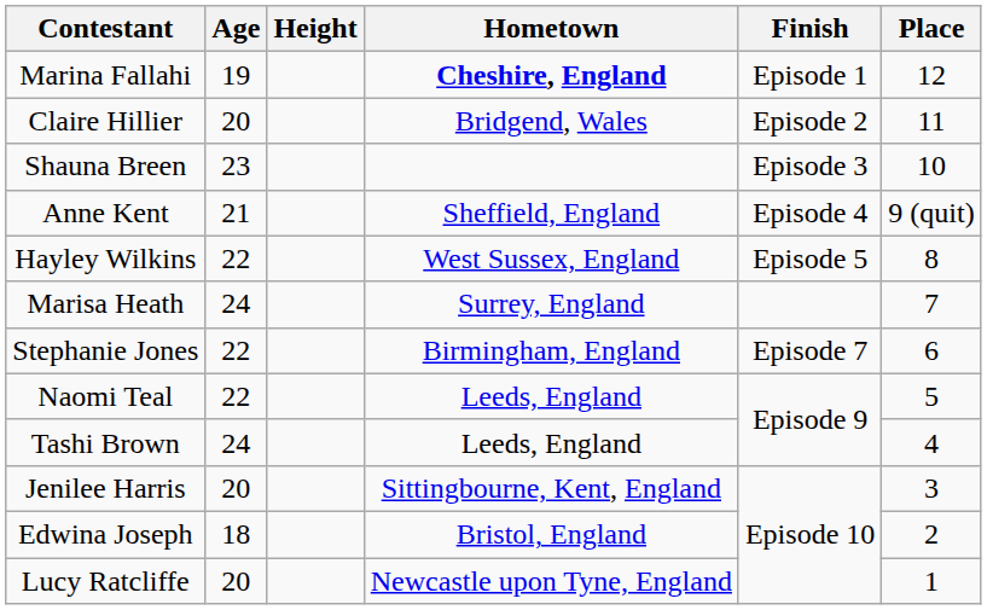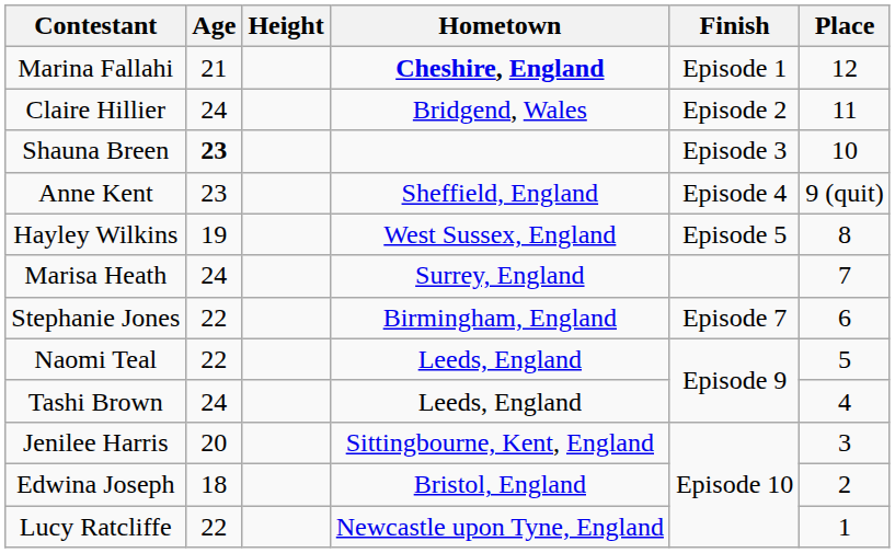 <table class="wikitable sortable" style="text-align:center;">
 <tr>
 <th>Contestant</th>
 <th>Age</th>
 <th>Height</th>
 <th>Hometown</th>
 <th>Finish</th>
 <th>Place</th>
 </tr>
 <tr>
 <td>Marina Fallahi</td>
-<td>19</td>
+<td>21</td>
 <td></td>
 <td><strong><a href='#'>Cheshire</a>, <a href='#'>England</a></strong></td>
 <td>Episode 1</td>
 <td>12</td>
 </tr>
 <tr>
 <td>Claire Hillier</td>
-<td>20</td>
+<td>24</td>
 <td></td>
 <td><a href='#'>Bridgend</a>, <a href='#'>Wales</a></td>
 <td>Episode 2</td>
 <td>11</td>
 </tr>
 <tr>
 <td>Shauna Breen</td>
-<td>23</td>
+<td><strong>23</strong></td>
 <td></td>
 <td></td>
 <td>Episode 3</td>
 <td>10</td>
 </tr>
 <tr>
 <td>Anne Kent</td>
-<td>21</td>
+<td>23</td>
 <td></td>
 <td><a href='#'>Sheffield, England</a></td>
 <td>Episode 4</td>
 <td>9 (quit)</td>
 </tr>
 <tr>
 <td>Hayley Wilkins</td>
-<td>22</td>
+<td>19</td>
 <td></td>
 <td><a href='#'>West Sussex, England</a></td>
 <td>Episode 5</td>
 <td>8</td>
 </tr>
 <tr>
 <td>Marisa Heath</td>
 <td>24</td>
 <td></td>
 <td><a href='#'>Surrey, England</a></td>
 <td></td>
 <td>7</td>
 </tr>
 <tr>
 <td>Stephanie Jones</td>
 <td>22</td>
 <td></td>
 <td><a href='#'>Birmingham, England</a></td>
 <td>Episode 7</td>
 <td>6</td>
 </tr>
 <tr>
 <td>Naomi Teal</td>
 <td>22</td>
 <td></td>
 <td><a href='#'>Leeds, England</a></td>
 <td rowspan=2>Episode 9</td>
 <td>5</td>
 </tr>
 <tr>
 <td>Tashi Brown</td>
 <td>24</td>
 <td></td>
 <td>Leeds, England</td>
 <td>4</td>
 </tr>
 <tr>
 <td>Jenilee Harris</td>
 <td>20</td>
 <td></td>
 <td><a href='#'>Sittingbourne, Kent</a>, <a href='#'>England</a></td>
 <td rowspan=3>Episode 10</td>
 <td>3</td>
 </tr>
 <tr>
 <td>Edwina Joseph</td>
 <td>18</td>
 <td></td>
 <td><a href='#'>Bristol, England</a></td>
 <td>2</td>
 </tr>
 <tr>
 <td>Lucy Ratcliffe</td>
-<td>20</td>
+<td>22</td>
 <td></td>
 <td><a href='#'>Newcastle upon Tyne, England</a></td>
 <td>1</td>
 </tr>
 </table>
